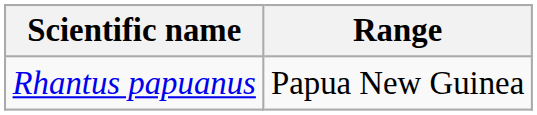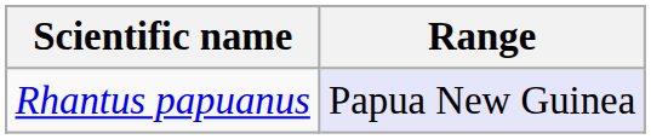 <table class="wikitable">
 <tr>
 <th>Scientific name</th>
 <th>Range</th>
 </tr>
 <tr>
 <td><em><a href='#'>Rhantus papuanus</a></em></td>
-<td>Papua New Guinea</td>
+<td style="background: lavender;">Papua New Guinea</td>
 </tr>
 </table>
